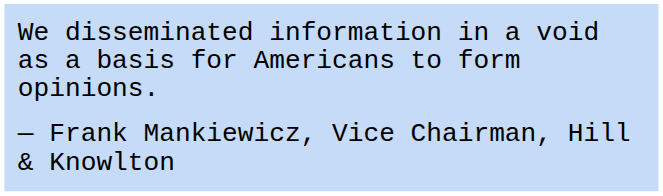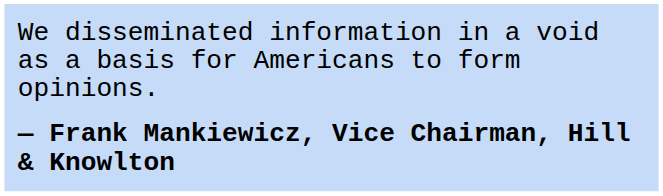 <table class="toccolours" style="float: right; margin-left: 1em; margin-right: 2em; font-size: 85%; background:#c6dbf7; color:black; width:25em; max-width: 25%;" cellspacing="5">
 <tr>
 <td style="text-align: left;">We disseminated information in a void as a basis for Americans to form opinions.</td>
 </tr>
 <tr>
-<td style="text-align: left;">— Frank Mankiewicz, Vice Chairman, Hill & Knowlton</td>
+<td style="text-align: left;"><strong>— Frank Mankiewicz, Vice Chairman, Hill & Knowlton</strong></td>
 </tr>
 </table>
